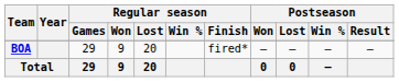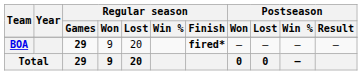 <table class="wikitable" style="font-size: 95%; text-align:center;">
 <tr>
 <th rowspan="2">Team</th>
 <th rowspan="2">Year</th>
 <th colspan="5">Regular season</th>
 <th colspan="4">Postseason</th>
 </tr>
 <tr>
 <th>Games</th>
 <th>Won</th>
 <th>Lost</th>
 <th>Win %</th>
 <th>Finish</th>
 <th>Won</th>
 <th>Lost</th>
 <th>Win %</th>
 <th>Result</th>
 </tr>
 <tr>
 </tr>
 <tr>
 <th><a href='#'>BOA</a></th>
 <th></th>
-<td>29</td>
+<td><strong>29</strong></td>
 <td>9</td>
 <td>20</td>
 <td></td>
-<td>fired*</td>
+<td><strong>fired*</strong></td>
 <td>–</td>
 <td>–</td>
 <td>–</td>
 <td>–</td>
 </tr>
 <tr>
 <th colspan="2">Total</th>
 <th>29</th>
 <th>9</th>
 <th>20</th>
 <th></th>
 <th></th>
 <th>0</th>
 <th>0</th>
 <th>–</th>
 <th></th>
 </tr>
 </table>
